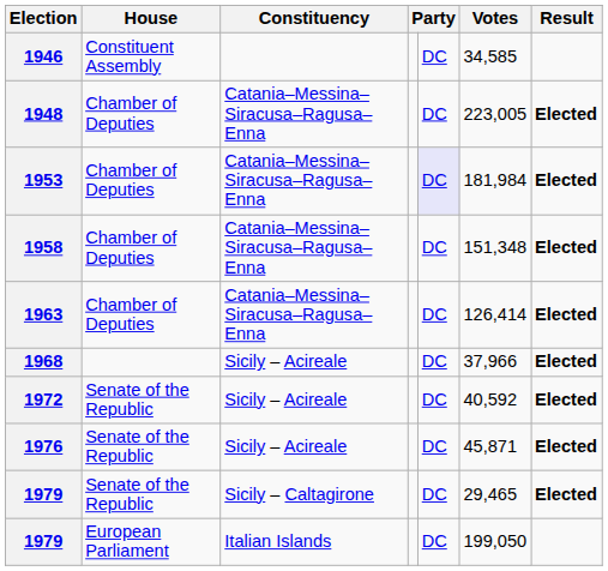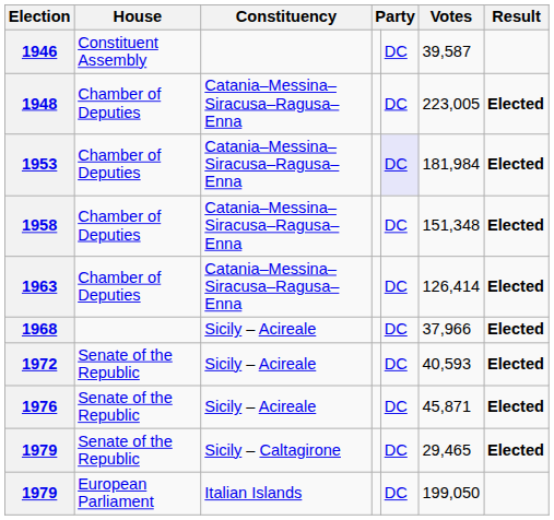 <table class=wikitable style="width:62%; border:1px #AAAAFF solid">
 <tr>
 <th width=12%>Election</th>
 <th width=25%>House</th>
 <th width=34%>Constituency</th>
 <th width=5% colspan="2">Party</th>
 <th width=12%>Votes</th>
 <th width=12%>Result</th>
 </tr>
 <tr>
 <th><a href='#'>1946</a></th>
 <td><a href='#'>Constituent Assembly</a></td>
 <td></td>
 <td></td>
 <td><a href='#'>DC</a></td>
-<td>34,585</td>
+<td>39,587</td>
 <td></td>
 </tr>
 <tr>
 <th><a href='#'>1948</a></th>
 <td><a href='#'>Chamber of Deputies</a></td>
 <td><a href='#'>Catania–Messina–Siracusa–Ragusa–Enna</a></td>
 <td></td>
 <td><a href='#'>DC</a></td>
 <td>223,005</td>
 <td> <strong>Elected</strong></td>
 </tr>
 <tr>
 <th><a href='#'>1953</a></th>
 <td><a href='#'>Chamber of Deputies</a></td>
 <td><a href='#'>Catania–Messina–Siracusa–Ragusa–Enna</a></td>
 <td></td>
 <td style="background: lavender;"><a href='#'>DC</a></td>
 <td>181,984</td>
 <td> <strong>Elected</strong></td>
 </tr>
 <tr>
 <th><a href='#'>1958</a></th>
 <td><a href='#'>Chamber of Deputies</a></td>
 <td><a href='#'>Catania–Messina–Siracusa–Ragusa–Enna</a></td>
 <td></td>
 <td><a href='#'>DC</a></td>
 <td>151,348</td>
 <td> <strong>Elected</strong></td>
 </tr>
 <tr>
 <th><a href='#'>1963</a></th>
 <td><a href='#'>Chamber of Deputies</a></td>
 <td><a href='#'>Catania–Messina–Siracusa–Ragusa–Enna</a></td>
 <td></td>
 <td><a href='#'>DC</a></td>
 <td>126,414</td>
 <td> <strong>Elected</strong></td>
 </tr>
 <tr>
 <th><a href='#'>1968</a></th>
 <td></td>
 <td><a href='#'>Sicily</a> – <a href='#'>Acireale</a></td>
 <td></td>
 <td><a href='#'>DC</a></td>
 <td>37,966</td>
 <td> <strong>Elected</strong></td>
 </tr>
 <tr>
 <th><a href='#'>1972</a></th>
 <td><a href='#'>Senate of the Republic</a></td>
 <td><a href='#'>Sicily</a> – <a href='#'>Acireale</a></td>
 <td></td>
 <td><a href='#'>DC</a></td>
-<td>40,592</td>
+<td>40,593</td>
 <td> <strong>Elected</strong></td>
 </tr>
 <tr>
 <th><a href='#'>1976</a></th>
 <td><a href='#'>Senate of the Republic</a></td>
 <td><a href='#'>Sicily</a> – <a href='#'>Acireale</a></td>
 <td></td>
 <td><a href='#'>DC</a></td>
 <td>45,871</td>
 <td> <strong>Elected</strong></td>
 </tr>
 <tr>
 <th><a href='#'>1979</a></th>
 <td><a href='#'>Senate of the Republic</a></td>
 <td><a href='#'>Sicily</a> – <a href='#'>Caltagirone</a></td>
 <td></td>
 <td><a href='#'>DC</a></td>
 <td>29,465</td>
 <td> <strong>Elected</strong></td>
 </tr>
 <tr>
 <th><a href='#'>1979</a></th>
 <td><a href='#'>European Parliament</a></td>
 <td><a href='#'>Italian Islands</a></td>
 <td></td>
 <td><a href='#'>DC</a></td>
 <td>199,050</td>
 <td></td>
 </tr>
 </table>
